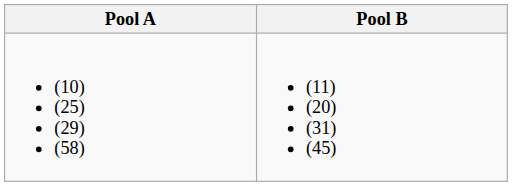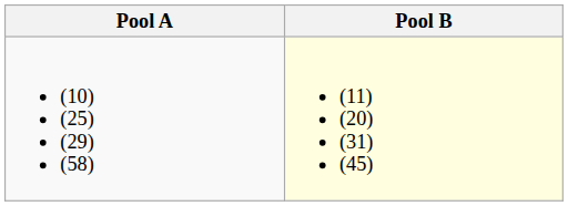 <table class="wikitable" width="35%">
 <tr>
 <th width=15%>Pool A</th>
 <th width=15%>Pool B</th>
 </tr>
 <tr>
 <td><br><ul><li> (10)</li><li> (25)</li><li> (29)</li><li> (58)</li></ul></td>
-<td><br><ul><li> (11)</li><li> (20)</li><li> (31)</li><li> (45)</li></ul></td>
+<td style="background: lightyellow;"><br><ul><li> (11)</li><li> (20)</li><li> (31)</li><li> (45)</li></ul></td>
 </tr>
 </table>
